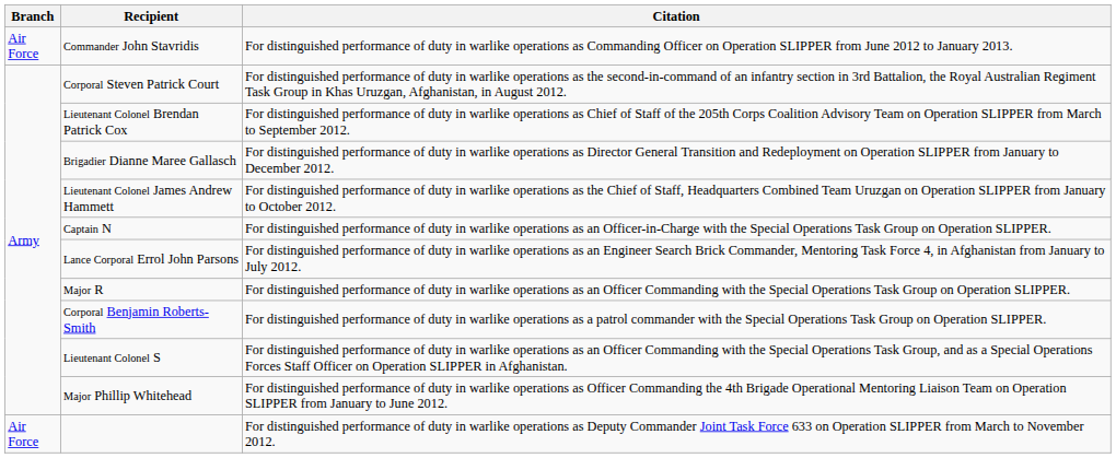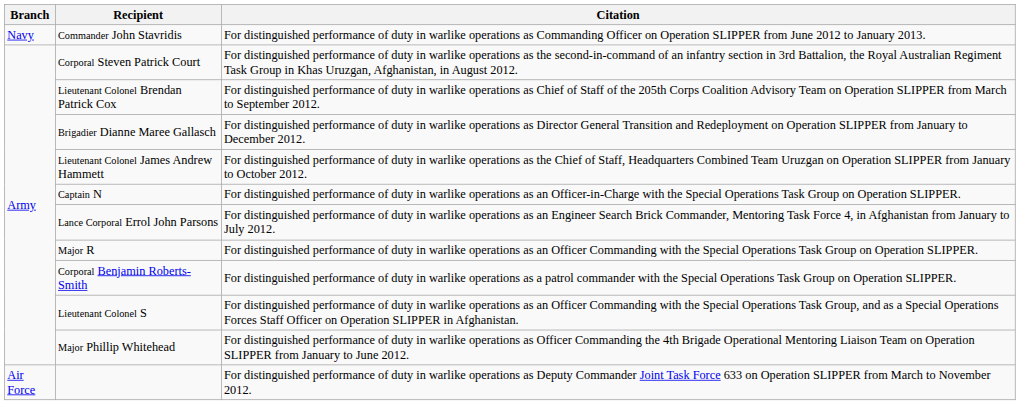 <table class="wikitable" style="font-size:95%;">
 <tr>
 <th>Branch</th>
 <th>Recipient</th>
 <th>Citation</th>
 </tr>
 <tr>
-<td><a href='#'>Air Force</a></td>
+<td rowspan="1"><a href='#'>Navy</a></td>
 <td><small>Commander</small> John Stavridis </td>
 <td>For distinguished performance of duty in warlike operations as Commanding Officer  on Operation SLIPPER from June 2012 to January 2013.</td>
 </tr>
 <tr>
 <td rowspan="10"><a href='#'>Army</a></td>
 <td><small>Corporal</small> Steven Patrick Court</td>
 <td>For distinguished performance of duty in warlike operations as the second-in-command of an infantry section in 3rd Battalion, the Royal Australian Regiment Task Group in Khas Uruzgan, Afghanistan, in August 2012.</td>
 </tr>
 <tr>
 <td><small>Lieutenant Colonel</small> Brendan Patrick Cox</td>
 <td>For distinguished performance of duty in warlike operations as Chief of Staff of the 205th Corps Coalition Advisory Team on Operation SLIPPER from March to September 2012.</td>
 </tr>
 <tr>
 <td><small>Brigadier</small> Dianne Maree Gallasch </td>
 <td>For distinguished performance of duty in warlike operations as Director General Transition and Redeployment on Operation SLIPPER from January to December 2012.</td>
 </tr>
 <tr>
 <td><small>Lieutenant Colonel</small> James Andrew Hammett</td>
 <td>For distinguished performance of duty in warlike operations as the Chief of Staff, Headquarters Combined Team Uruzgan on Operation SLIPPER from January to October 2012.</td>
 </tr>
 <tr>
 <td><small>Captain</small> N</td>
 <td>For distinguished performance of duty in warlike operations as an Officer-in-Charge with the Special Operations Task Group on Operation SLIPPER.</td>
 </tr>
 <tr>
 <td><small>Lance Corporal</small> Errol John Parsons</td>
 <td>For distinguished performance of duty in warlike operations as an Engineer Search Brick Commander, Mentoring Task Force 4, in Afghanistan from January to July 2012.</td>
 </tr>
 <tr>
 <td><small>Major</small> R</td>
 <td>For distinguished performance of duty in warlike operations as an Officer Commanding with the Special Operations Task Group on Operation SLIPPER.</td>
 </tr>
 <tr>
 <td><small>Corporal</small> <a href='#'>Benjamin Roberts-Smith</a> </td>
 <td>For distinguished performance of duty in warlike operations as a patrol commander with the Special Operations Task Group on Operation SLIPPER.</td>
 </tr>
 <tr>
 <td><small>Lieutenant Colonel</small> S</td>
 <td>For distinguished performance of duty in warlike operations as an Officer Commanding with the Special Operations Task Group, and as a Special Operations Forces Staff Officer on Operation SLIPPER in Afghanistan.</td>
 </tr>
 <tr>
 <td><small>Major</small> Phillip Whitehead</td>
 <td>For distinguished performance of duty in warlike operations as Officer Commanding the 4th Brigade Operational Mentoring Liaison Team on Operation SLIPPER from January to June 2012.</td>
 </tr>
 <tr>
 <td><a href='#'>Air Force</a></td>
 <td></td>
 <td>For distinguished performance of duty in warlike operations as Deputy Commander <a href='#'>Joint Task Force</a> 633 on Operation SLIPPER from March to November 2012.</td>
 </tr>
 </table>
